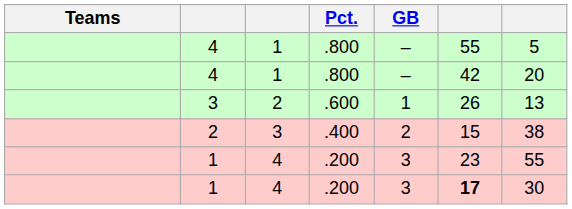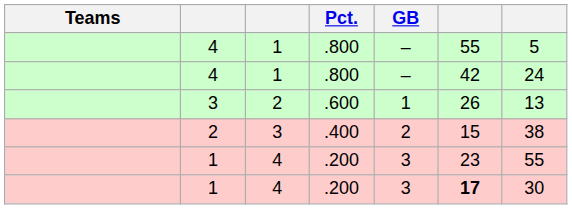 <table class="wikitable" style="text-align:center;">
 <tr>
 <th width=150px>Teams</th>
 <th width=50px></th>
 <th width=50px></th>
 <th width=50px><a href='#'>Pct.</a></th>
 <th width=50px><a href='#'>GB</a></th>
 <th width=50px></th>
 <th width=50px></th>
 </tr>
 <tr style="background-color:#cfc">
 <td align=left></td>
 <td>4</td>
 <td>1</td>
 <td>.800</td>
 <td>–</td>
 <td>55</td>
 <td>5</td>
 </tr>
 <tr style="background-color:#cfc">
 <td align=left></td>
 <td>4</td>
 <td>1</td>
 <td>.800</td>
 <td>–</td>
 <td>42</td>
-<td>20</td>
+<td>24</td>
 </tr>
 <tr style="background-color:#cfc">
 <td align=left></td>
 <td>3</td>
 <td>2</td>
 <td>.600</td>
 <td>1</td>
 <td>26</td>
 <td>13</td>
 </tr>
 <tr style="background-color:#fcc">
 <td align=left></td>
 <td>2</td>
 <td>3</td>
 <td>.400</td>
 <td>2</td>
 <td>15</td>
 <td>38</td>
 </tr>
 <tr style="background-color:#fcc">
 <td align=left></td>
 <td>1</td>
 <td>4</td>
 <td>.200</td>
 <td>3</td>
 <td>23</td>
 <td>55</td>
 </tr>
 <tr style="background-color:#fcc">
 <td align=left></td>
 <td>1</td>
 <td>4</td>
 <td>.200</td>
 <td>3</td>
 <td><strong>17</strong></td>
 <td>30</td>
 </tr>
 </table>
